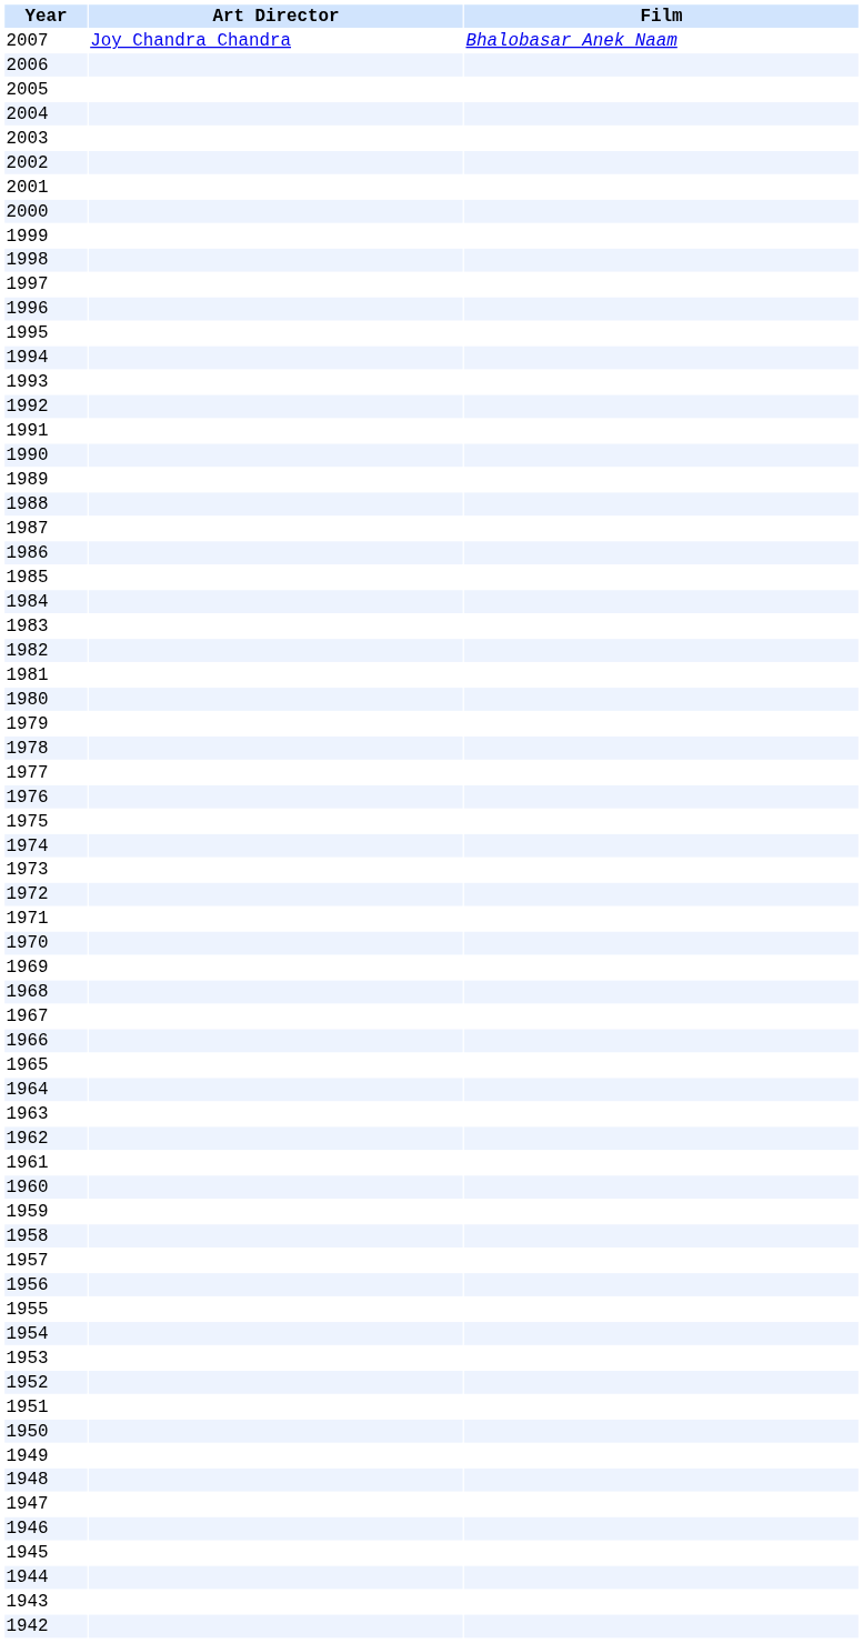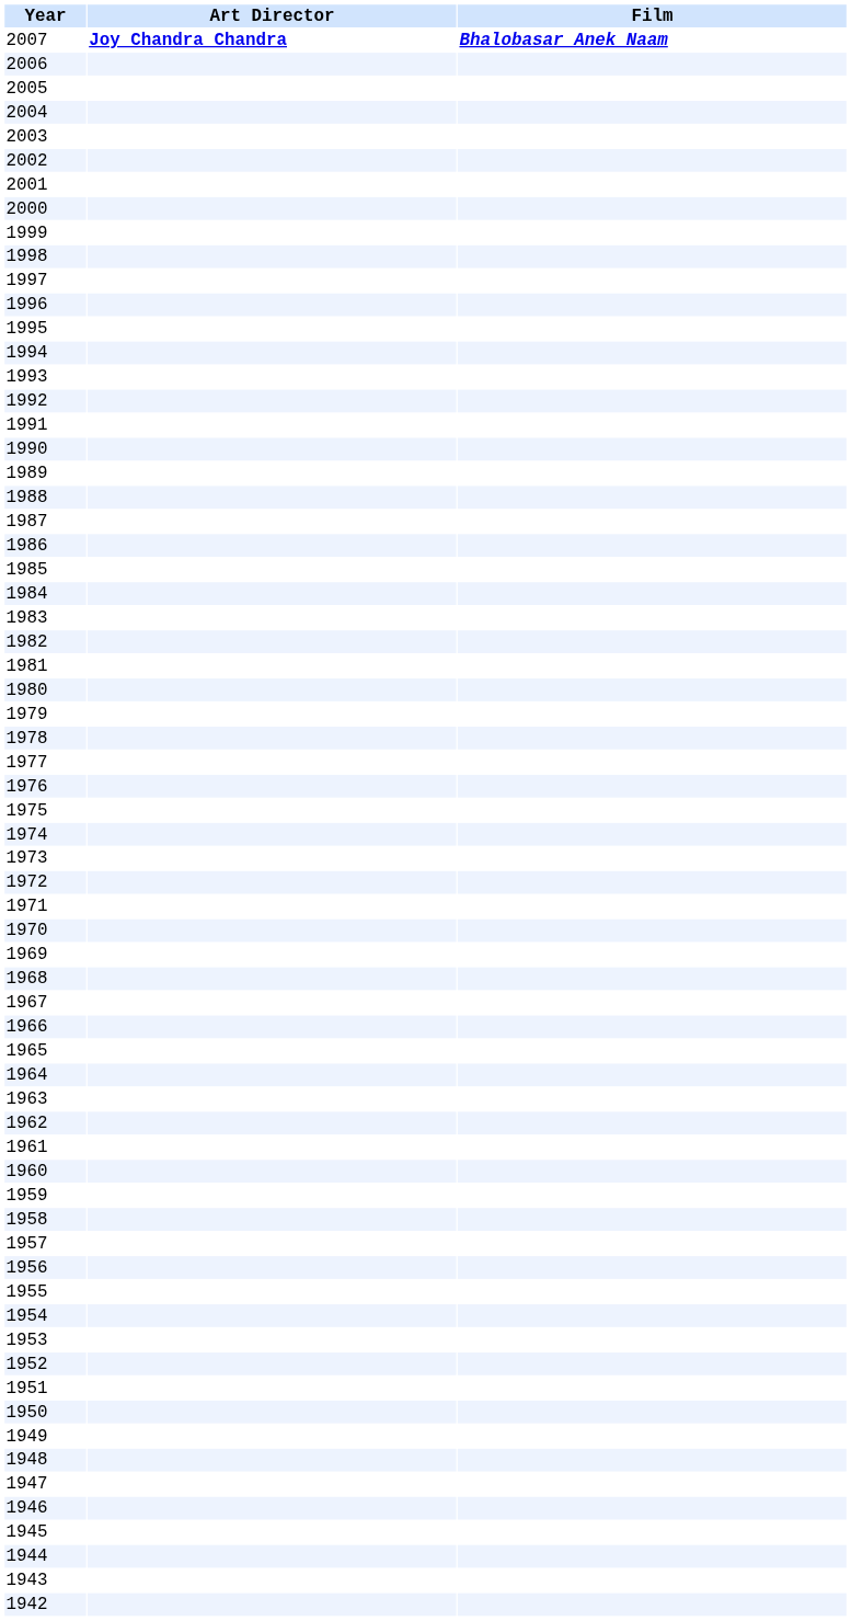 <table cellspacing="1" cellpadding="1" border="0" width="50%">
 <tr bgcolor="#d1e4fd">
 <th>Year</th>
 <th>Art Director</th>
 <th>Film</th>
 </tr>
 <tr>
 <td>2007</td>
-<td><a href='#'>Joy Chandra Chandra</a></td>
-<td><em><a href='#'>Bhalobasar Anek Naam</a></em></td>
+<td><strong><a href='#'>Joy Chandra Chandra</a></strong></td>
+<td><strong><em><a href='#'>Bhalobasar Anek Naam</a></em></strong></td>
 </tr>
 <tr bgcolor=#edf3fe>
 <td>2006</td>
 <td></td>
 <td></td>
 </tr>
 <tr>
 <td>2005</td>
 <td></td>
 <td></td>
 </tr>
 <tr bgcolor=#edf3fe>
 <td>2004</td>
 <td></td>
 <td></td>
 </tr>
 <tr>
 <td>2003</td>
 <td></td>
 <td></td>
 </tr>
 <tr bgcolor=#edf3fe>
 <td>2002</td>
 <td></td>
 <td></td>
 </tr>
 <tr>
 <td>2001</td>
 <td></td>
 <td></td>
 </tr>
 <tr bgcolor=#edf3fe>
 <td>2000</td>
 <td></td>
 <td></td>
 </tr>
 <tr>
 <td>1999</td>
 <td></td>
 <td></td>
 </tr>
 <tr bgcolor=#edf3fe>
 <td>1998</td>
 <td></td>
 <td></td>
 </tr>
 <tr>
 <td>1997</td>
 <td></td>
 <td></td>
 </tr>
 <tr bgcolor=#edf3fe>
 <td>1996</td>
 <td></td>
 <td></td>
 </tr>
 <tr>
 <td>1995</td>
 <td></td>
 <td></td>
 </tr>
 <tr bgcolor=#edf3fe>
 <td>1994</td>
 <td></td>
 <td></td>
 </tr>
 <tr>
 <td>1993</td>
 <td></td>
 <td></td>
 </tr>
 <tr bgcolor=#edf3fe>
 <td>1992</td>
 <td></td>
 <td></td>
 </tr>
 <tr>
 <td>1991</td>
 <td></td>
 <td></td>
 </tr>
 <tr bgcolor=#edf3fe>
 <td>1990</td>
 <td></td>
 <td></td>
 </tr>
 <tr>
 <td>1989</td>
 <td></td>
 <td></td>
 </tr>
 <tr bgcolor=#edf3fe>
 <td>1988</td>
 <td></td>
 <td></td>
 </tr>
 <tr>
 <td>1987</td>
 <td></td>
 <td></td>
 </tr>
 <tr bgcolor=#edf3fe>
 <td>1986</td>
 <td></td>
 <td></td>
 </tr>
 <tr>
 <td>1985</td>
 <td></td>
 <td></td>
 </tr>
 <tr bgcolor=#edf3fe>
 <td>1984</td>
 <td></td>
 <td></td>
 </tr>
 <tr>
 <td>1983</td>
 <td></td>
 <td></td>
 </tr>
 <tr bgcolor=#edf3fe>
 <td>1982</td>
 <td></td>
 <td></td>
 </tr>
 <tr>
 <td>1981</td>
 <td></td>
 <td></td>
 </tr>
 <tr bgcolor=#edf3fe>
 <td>1980</td>
 <td></td>
 <td></td>
 </tr>
 <tr>
 <td>1979</td>
 <td></td>
 <td></td>
 </tr>
 <tr bgcolor=#edf3fe>
 <td>1978</td>
 <td></td>
 <td></td>
 </tr>
 <tr>
 <td>1977</td>
 <td></td>
 <td></td>
 </tr>
 <tr bgcolor=#edf3fe>
 <td>1976</td>
 <td></td>
 <td></td>
 </tr>
 <tr>
 <td>1975</td>
 <td></td>
 <td></td>
 </tr>
 <tr bgcolor=#edf3fe>
 <td>1974</td>
 <td></td>
 <td></td>
 </tr>
 <tr>
 <td>1973</td>
 <td></td>
 <td></td>
 </tr>
 <tr bgcolor=#edf3fe>
 <td>1972</td>
 <td></td>
 <td></td>
 </tr>
 <tr>
 <td>1971</td>
 <td></td>
 <td></td>
 </tr>
 <tr bgcolor=#edf3fe>
 <td>1970</td>
 <td></td>
 <td></td>
 </tr>
 <tr>
 <td>1969</td>
 <td></td>
 <td></td>
 </tr>
 <tr bgcolor=#edf3fe>
 <td>1968</td>
 <td></td>
 <td></td>
 </tr>
 <tr>
 <td>1967</td>
 <td></td>
 <td></td>
 </tr>
 <tr bgcolor=#edf3fe>
 <td>1966</td>
 <td></td>
 <td></td>
 </tr>
 <tr>
 <td>1965</td>
 <td></td>
 <td></td>
 </tr>
 <tr bgcolor=#edf3fe>
 <td>1964</td>
 <td></td>
 <td></td>
 </tr>
 <tr>
 <td>1963</td>
 <td></td>
 <td></td>
 </tr>
 <tr bgcolor=#edf3fe>
 <td>1962</td>
 <td></td>
 <td></td>
 </tr>
 <tr>
 <td>1961</td>
 <td></td>
 <td></td>
 </tr>
 <tr bgcolor=#edf3fe>
 <td>1960</td>
 <td></td>
 <td></td>
 </tr>
 <tr>
 <td>1959</td>
 <td></td>
 <td></td>
 </tr>
 <tr bgcolor=#edf3fe>
 <td>1958</td>
 <td></td>
 <td></td>
 </tr>
 <tr>
 <td>1957</td>
 <td></td>
 <td></td>
 </tr>
 <tr bgcolor=#edf3fe>
 <td>1956</td>
 <td></td>
 <td></td>
 </tr>
 <tr>
 <td>1955</td>
 <td></td>
 <td></td>
 </tr>
 <tr bgcolor=#edf3fe>
 <td>1954</td>
 <td></td>
 <td></td>
 </tr>
 <tr>
 <td>1953</td>
 <td></td>
 <td></td>
 </tr>
 <tr bgcolor=#edf3fe>
 <td>1952</td>
 <td></td>
 <td></td>
 </tr>
 <tr>
 <td>1951</td>
 <td></td>
 <td></td>
 </tr>
 <tr bgcolor=#edf3fe>
 <td>1950</td>
 <td></td>
 <td></td>
 </tr>
 <tr>
 <td>1949</td>
 <td></td>
 <td></td>
 </tr>
 <tr bgcolor=#edf3fe>
 <td>1948</td>
 <td></td>
 <td></td>
 </tr>
 <tr>
 <td>1947</td>
 <td></td>
 <td></td>
 </tr>
 <tr bgcolor=#edf3fe>
 <td>1946</td>
 <td></td>
 <td></td>
 </tr>
 <tr>
 <td>1945</td>
 <td></td>
 <td></td>
 </tr>
 <tr bgcolor=#edf3fe>
 <td>1944</td>
 <td></td>
 <td></td>
 </tr>
 <tr>
 <td>1943</td>
 <td></td>
 <td></td>
 </tr>
 <tr bgcolor=#edf3fe>
 <td>1942</td>
 <td></td>
 <td></td>
 </tr>
 </table>
